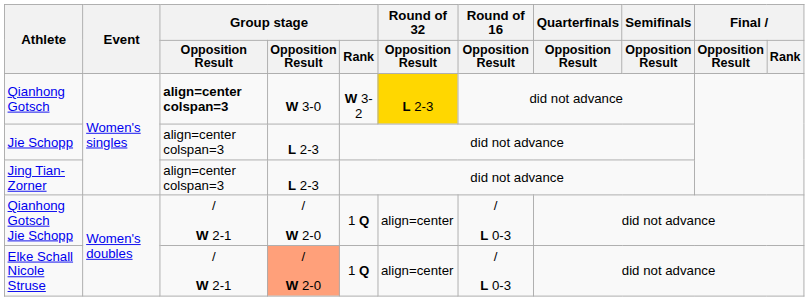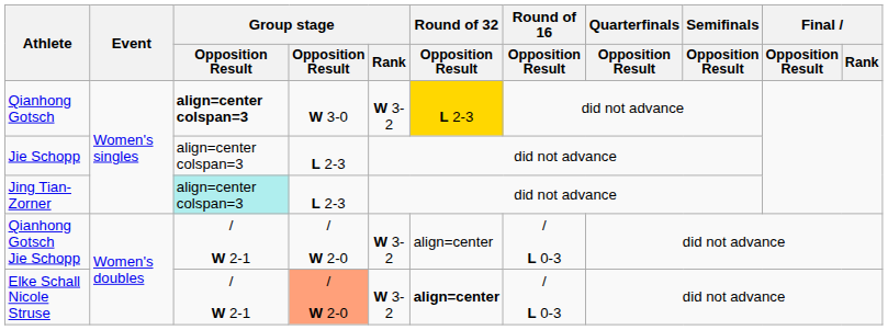 <table class="wikitable" style="font-size:90%">
 <tr>
 <th rowspan="2">Athlete</th>
 <th rowspan="2">Event</th>
 <th colspan=3>Group stage</th>
 <th>Round of 32</th>
 <th>Round of 16</th>
 <th>Quarterfinals</th>
 <th>Semifinals</th>
 <th colspan=2>Final / </th>
 </tr>
 <tr style="font-size:95%">
 <th>Opposition<br>Result</th>
 <th>Opposition<br>Result</th>
 <th>Rank</th>
 <th>Opposition<br>Result</th>
 <th>Opposition<br>Result</th>
 <th>Opposition<br>Result</th>
 <th>Opposition<br>Result</th>
 <th>Opposition<br>Result</th>
 <th>Rank</th>
 </tr>
 <tr>
 <td align=left><a href='#'>Qianhong Gotsch</a></td>
 <td align=left rowspan=3><a href='#'>Women's singles</a></td>
 <td><strong>align=center colspan=3 </strong></td>
 <td align=center><br><strong>W</strong> 3-0</td>
 <td align=center><br><strong>W</strong> 3-2</td>
 <td align=center style="background: gold;"><br><strong>L</strong> 2-3</td>
 <td align=center colspan=3>did not advance</td>
 </tr>
 <tr>
 <td align=left><a href='#'>Jie Schopp</a></td>
 <td>align=center colspan=3 </td>
 <td align=center><br><strong>L</strong> 2-3</td>
 <td align=center colspan=5>did not advance</td>
 </tr>
 <tr>
 <td align=left><a href='#'>Jing Tian-Zorner</a></td>
-<td>align=center colspan=3 </td>
+<td style="background: paleturquoise;">align=center colspan=3 </td>
 <td align=center><br><strong>L</strong> 2-3</td>
 <td align=center colspan=5>did not advance</td>
 </tr>
 <tr>
 <td align=left><a href='#'>Qianhong Gotsch</a><br> <a href='#'>Jie Schopp</a></td>
 <td align=left rowspan=2><a href='#'>Women's doubles</a></td>
 <td align=center> /<br> <br><strong>W</strong> 2-1</td>
 <td align=center> /<br> <br><strong>W</strong> 2-0</td>
-<td align=center>1 <strong>Q</strong></td>
+<td align=center><br><strong>W</strong> 3-2</td>
 <td>align=center </td>
 <td align=center> /<br> <br><strong>L</strong> 0-3</td>
 <td align=center colspan=4>did not advance</td>
 </tr>
 <tr>
 <td align=left><a href='#'>Elke Schall</a><br> <a href='#'>Nicole Struse</a></td>
 <td align=center> /<br> <br><strong>W</strong> 2-1</td>
 <td align=center style="background: lightsalmon;"> /<br> <br><strong>W</strong> 2-0</td>
-<td align=center>1 <strong>Q</strong></td>
-<td>align=center </td>
+<td align=center><br><strong>W</strong> 3-2</td>
+<td><strong>align=center </strong></td>
 <td align=center> /<br> <br><strong>L</strong> 0-3</td>
 <td align=center colspan=4>did not advance</td>
 </tr>
 </table>
